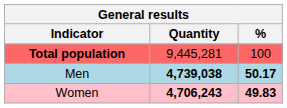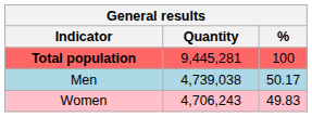 <table class="wikitable" id="cx9" style="text-align:center;clear:all; margin-right:8px; font-size:85%;" width="24%">
 <tr>
 <th colspan="8">General results</th>
 </tr>
 <tr>
 <th width="35%">Indicator</th>
 <th width="20%">Quantity</th>
 <th width="5%">%</th>
 </tr>
 <tr bgcolor="#FF6666">
 <td><strong>Total population</strong></td>
 <td align="center">9,445,281</td>
 <td align="center">100</td>
 </tr>
 <tr bgcolor="#ADD8E6">
 <td>Men</td>
-<td align="center"><strong>4,739,038</strong></td>
-<td align="center"><strong>50.17</strong></td>
+<td align="center">4,739,038</td>
+<td align="center">50.17</td>
 </tr>
 <tr bgcolor="#FFC0CB">
 <td>Women</td>
-<td align="center"><strong>4,706,243</strong></td>
-<td align="center"><strong>49.83</strong></td>
+<td align="center">4,706,243</td>
+<td align="center">49.83</td>
 </tr>
 </table>
